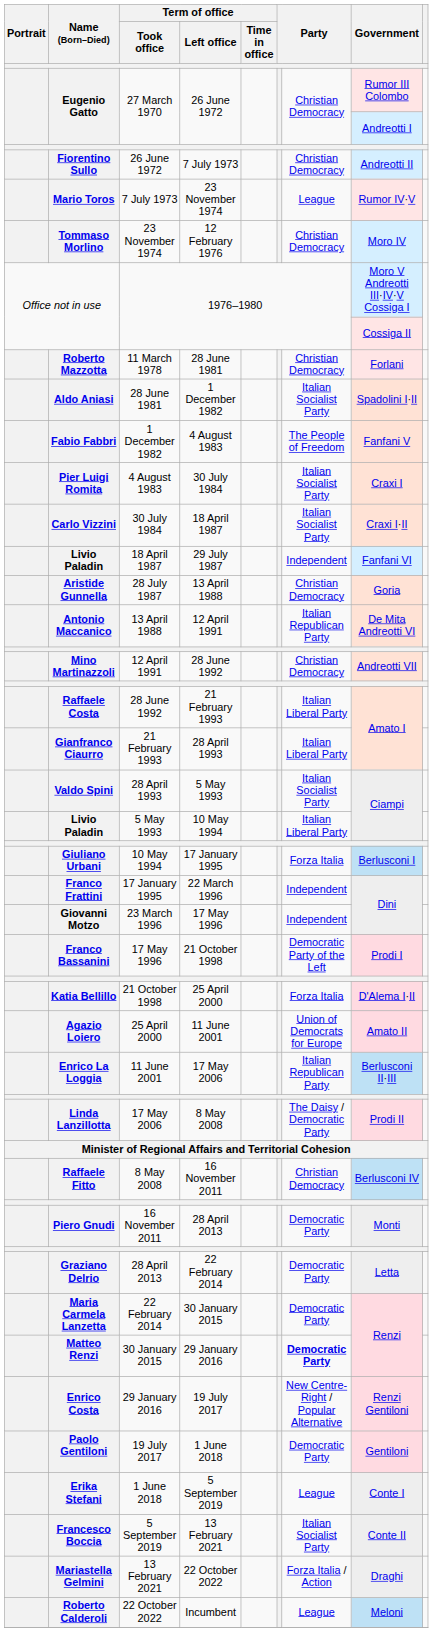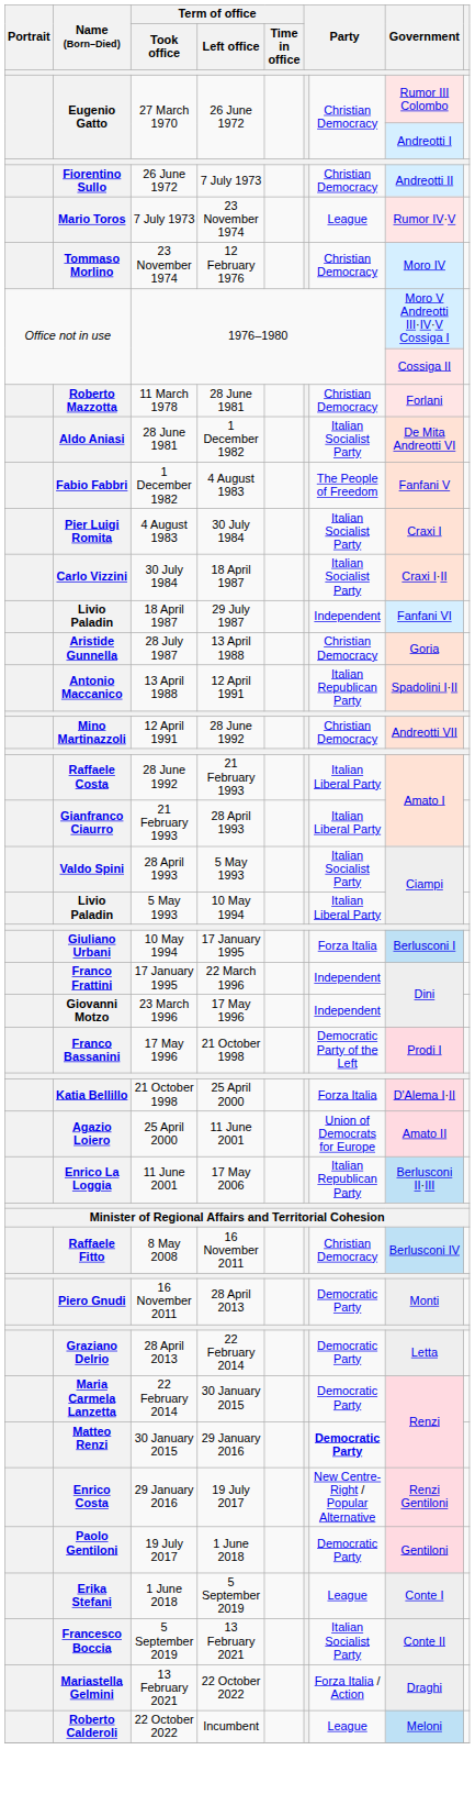 <table class="wikitable" style="text-align:center; style="width=100%">
 <tr>
 <th width=1% rowspan=2>Portrait</th>
 <th width=15% rowspan=2>Name<br><small>(Born–Died)</small></th>
 <th width=30% colspan=3>Term of office</th>
 <th width=15% rowspan=2 colspan=2>Party</th>
 <th width=10% rowspan=2>Government</th>
 <th width=1% rowspan=2></th>
 </tr>
 <tr style="text-align:center;">
 <th width=11%>Took office</th>
 <th width=11%>Left office</th>
 <th width=8%>Time in office</th>
 </tr>
 <tr>
 <th colspan=9></th>
 </tr>
 <tr style="height:4em;">
 <th rowspan=2></th>
 <th scope="row" style="font-weight:normal" rowspan=2><strong>Eugenio Gatto</strong><br></th>
 <td rowspan=2>27 March 1970</td>
 <td rowspan=2>26 June 1972</td>
 <td rowspan=2></td>
 <th rowspan=2 style="background:"></th>
 <td rowspan=2><a href='#'>Christian Democracy</a></td>
 <td bgcolor=#FFE5E5><a href='#'>Rumor III</a><br><a href='#'>Colombo</a></td>
 <td rowspan=2></td>
 </tr>
 <tr style="height:3em;">
 <td bgcolor=#D5EFFF><a href='#'>Andreotti I</a></td>
 </tr>
 <tr>
 <th colspan=9></th>
 </tr>
 <tr>
 <th></th>
 <th scope="row" style="font-weight:normal"><strong><a href='#'>Fiorentino Sullo</a></strong><br></th>
 <td>26 June 1972</td>
 <td>7 July 1973</td>
 <td></td>
 <th style="background:"></th>
 <td><a href='#'>Christian Democracy</a></td>
 <td bgcolor=#D5EFFF><a href='#'>Andreotti II</a></td>
 <td></td>
 </tr>
 <tr>
 <th></th>
 <th scope="row" style="font-weight:normal"><strong><a href='#'>Mario Toros</a></strong><br></th>
 <td>7 July 1973</td>
 <td>23 November 1974</td>
 <td></td>
 <th style="background:"></th>
 <td><a href='#'>League</a></td>
 <td bgcolor=#FFE5E5><a href='#'>Rumor IV</a>·<a href='#'>V</a></td>
 <td></td>
 </tr>
 <tr>
 <th></th>
 <th scope="row" style="font-weight:normal"><strong><a href='#'>Tommaso Morlino</a></strong><br></th>
 <td>23 November 1974</td>
 <td>12 February 1976</td>
 <td></td>
 <th style="background:"></th>
 <td><a href='#'>Christian Democracy</a></td>
 <td bgcolor=#D5EFFF><a href='#'>Moro IV</a></td>
 <td></td>
 </tr>
 <tr style="height:5em;">
 <td rowspan=2 colspan=2><em>Office not in use</em></td>
 <td rowspan=2 colspan=5 align="center">1976–1980</td>
 <td bgcolor=#D5EFFF><a href='#'>Moro V</a><br><a href='#'>Andreotti III</a>·<a href='#'>IV</a>·<a href='#'>V</a><br><a href='#'>Cossiga I</a></td>
 <td rowspan=2></td>
 </tr>
 <tr style="height:3em;">
 <td bgcolor=#FFE5E5><a href='#'>Cossiga II</a></td>
 </tr>
 <tr>
 <th></th>
 <th scope="row" style="font-weight:normal"><strong><a href='#'>Roberto Mazzotta</a></strong><br></th>
 <td>11 March 1978</td>
 <td>28 June 1981</td>
 <td></td>
 <th style="background:"></th>
 <td><a href='#'>Christian Democracy</a></td>
 <td bgcolor=#FFE5E5><a href='#'>Forlani</a></td>
 <td></td>
 </tr>
 <tr>
 <th></th>
 <th scope="row" style="font-weight:normal"><strong><a href='#'>Aldo Aniasi</a></strong><br></th>
 <td>28 June 1981</td>
 <td>1 December 1982</td>
 <td></td>
 <th style="background:"></th>
 <td><a href='#'>Italian Socialist Party</a></td>
-<td bgcolor=#FFE2D5><a href='#'>Spadolini I</a>·<a href='#'>II</a></td>
+<td bgcolor=#FFE2D5><a href='#'>De Mita</a><br><a href='#'>Andreotti VI</a></td>
 <td></td>
 </tr>
 <tr>
 <th></th>
 <th scope="row" style="font-weight:normal"><strong><a href='#'>Fabio Fabbri</a></strong><br></th>
 <td>1 December 1982</td>
 <td>4 August 1983</td>
 <td></td>
 <th style="background:"></th>
 <td><a href='#'>The People of Freedom</a></td>
 <td bgcolor=#FFE2D5><a href='#'>Fanfani V</a></td>
 <td></td>
 </tr>
 <tr>
 <th></th>
 <th scope="row" style="font-weight:normal"><strong><a href='#'>Pier Luigi Romita</a></strong><br></th>
 <td>4 August 1983</td>
 <td>30 July 1984</td>
 <td></td>
 <th style="background:"></th>
 <td><a href='#'>Italian Socialist Party</a></td>
 <td bgcolor=#FFE2D5><a href='#'>Craxi I</a></td>
 <td></td>
 </tr>
 <tr>
 <th></th>
 <th scope="row" style="font-weight:normal"><strong><a href='#'>Carlo Vizzini</a></strong><br></th>
 <td>30 July 1984</td>
 <td>18 April 1987</td>
 <td></td>
 <th style="background:"></th>
 <td><a href='#'>Italian Socialist Party</a></td>
 <td bgcolor=#FFE2D5><a href='#'>Craxi I</a>·<a href='#'>II</a></td>
 <td></td>
 </tr>
 <tr>
 <th></th>
 <th scope="row" style="font-weight:normal"><strong>Livio Paladin</strong><br></th>
 <td>18 April 1987</td>
 <td>29 July 1987</td>
 <td></td>
 <th style="background:"></th>
 <td><a href='#'>Independent</a></td>
 <td bgcolor=#D5EFFF><a href='#'>Fanfani VI</a></td>
 <td></td>
 </tr>
 <tr>
 <th></th>
 <th scope="row" style="font-weight:normal"><strong><a href='#'>Aristide Gunnella</a></strong><br></th>
 <td>28 July 1987</td>
 <td>13 April 1988</td>
 <td></td>
 <th style="background:"></th>
 <td><a href='#'>Christian Democracy</a></td>
 <td bgcolor=#FFE2D5><a href='#'>Goria</a></td>
 <td></td>
 </tr>
 <tr>
 <th></th>
 <th scope="row" style="font-weight:normal"><strong><a href='#'>Antonio Maccanico</a></strong><br></th>
 <td>13 April 1988</td>
 <td>12 April 1991</td>
 <td></td>
 <th style="background:"></th>
 <td><a href='#'>Italian Republican Party</a></td>
-<td bgcolor=#FFE2D5><a href='#'>De Mita</a><br><a href='#'>Andreotti VI</a></td>
+<td bgcolor=#FFE2D5><a href='#'>Spadolini I</a>·<a href='#'>II</a></td>
 <td></td>
 </tr>
 <tr>
 <th colspan=9></th>
 </tr>
 <tr>
 <th></th>
 <th scope="row" style="font-weight:normal"><strong><a href='#'>Mino Martinazzoli</a></strong><br></th>
 <td>12 April 1991</td>
 <td>28 June 1992</td>
 <td></td>
 <th style="background:"></th>
 <td><a href='#'>Christian Democracy</a></td>
 <td bgcolor=#FFE2D5><a href='#'>Andreotti VII</a></td>
 <td></td>
 </tr>
 <tr>
 <th colspan=9></th>
 </tr>
 <tr>
 <th></th>
 <th scope="row" style="font-weight:normal"><strong><a href='#'>Raffaele Costa</a></strong><br></th>
 <td>28 June 1992</td>
 <td>21 February 1993</td>
 <td></td>
 <th style="background:"></th>
 <td><a href='#'>Italian Liberal Party</a></td>
 <td rowspan=2 bgcolor=#FFE2D5><a href='#'>Amato I</a></td>
 <td></td>
 </tr>
 <tr>
 <th></th>
 <th scope="row" style="font-weight:normal"><strong><a href='#'>Gianfranco Ciaurro</a></strong><br></th>
 <td>21 February 1993</td>
 <td>28 April 1993</td>
 <td></td>
 <th style="background:"></th>
 <td><a href='#'>Italian Liberal Party</a></td>
 <td></td>
 </tr>
 <tr>
 <th></th>
 <th scope="row" style="font-weight:normal"><strong><a href='#'>Valdo Spini</a></strong><br></th>
 <td>28 April 1993</td>
 <td>5 May 1993</td>
 <td></td>
 <th style="background:"></th>
 <td><a href='#'>Italian Socialist Party</a></td>
 <td rowspan=2 bgcolor=#EEEEEE><a href='#'>Ciampi</a></td>
 <td></td>
 </tr>
 <tr>
 <th></th>
 <th scope="row" style="font-weight:normal"><strong>Livio Paladin</strong><br></th>
 <td>5 May 1993</td>
 <td>10 May 1994</td>
 <td></td>
 <th style="background:"></th>
 <td><a href='#'>Italian Liberal Party</a></td>
 <td></td>
 </tr>
 <tr>
 <th colspan=9></th>
 </tr>
 <tr>
 <th></th>
 <th scope="row" style="font-weight:normal"><strong><a href='#'>Giuliano Urbani</a></strong><br></th>
 <td>10 May 1994</td>
 <td>17 January 1995</td>
 <td></td>
 <th style="background:"></th>
 <td><a href='#'>Forza Italia</a></td>
 <td bgcolor=#BEE1F5><a href='#'>Berlusconi I</a></td>
 <td></td>
 </tr>
 <tr>
 <th></th>
 <th scope="row" style="font-weight:normal"><strong><a href='#'>Franco Frattini</a></strong><br></th>
 <td>17 January 1995</td>
 <td>22 March 1996</td>
 <td></td>
 <th style="background:"></th>
 <td><a href='#'>Independent</a></td>
 <td rowspan=2 bgcolor=#EEEEEE><a href='#'>Dini</a></td>
 <td></td>
 </tr>
 <tr>
 <th></th>
 <th scope="row" style="font-weight:normal"><strong>Giovanni Motzo</strong><br></th>
 <td>23 March 1996</td>
 <td>17 May 1996</td>
 <td></td>
 <th style="background:"></th>
 <td><a href='#'>Independent</a></td>
 <td></td>
 </tr>
 <tr>
 <th></th>
 <th scope="row" style="font-weight:normal"><strong><a href='#'>Franco Bassanini</a></strong><br></th>
 <td>17 May 1996</td>
 <td>21 October 1998</td>
 <td></td>
 <th style="background:"></th>
 <td><a href='#'>Democratic Party of the Left</a></td>
 <td bgcolor=#FFDAE1><a href='#'>Prodi I</a></td>
 <td></td>
 </tr>
 <tr>
 <th colspan=9></th>
 </tr>
 <tr>
 <th></th>
 <th scope="row" style="font-weight:normal"><strong><a href='#'>Katia Bellillo</a></strong><br></th>
 <td>21 October 1998</td>
 <td>25 April 2000</td>
 <td></td>
 <th style="background:"></th>
 <td><a href='#'>Forza Italia</a></td>
 <td bgcolor=#FFDAE1><a href='#'>D'Alema I</a>·<a href='#'>II</a></td>
 <td></td>
 </tr>
 <tr>
 <th></th>
 <th scope="row" style="font-weight:normal"><strong><a href='#'>Agazio Loiero</a></strong><br></th>
 <td>25 April 2000</td>
 <td>11 June 2001</td>
 <td></td>
 <th style="background:"></th>
 <td><a href='#'>Union of Democrats for Europe</a></td>
 <td bgcolor=#FFDAE1><a href='#'>Amato II</a></td>
 <td></td>
 </tr>
 <tr>
 <th></th>
 <th scope="row" style="font-weight:normal"><strong><a href='#'>Enrico La Loggia</a></strong><br></th>
 <td>11 June 2001</td>
 <td>17 May 2006</td>
 <td></td>
 <th style="background:"></th>
 <td><a href='#'>Italian Republican Party</a></td>
 <td bgcolor=#BEE1F5><a href='#'>Berlusconi II</a>·<a href='#'>III</a></td>
 <td></td>
 </tr>
 <tr>
 <th colspan=9></th>
 </tr>
 <tr>
-<th></th>
-<th scope="row" style="font-weight:normal"><strong><a href='#'>Linda Lanzillotta</a></strong><br></th>
-<td>17 May 2006</td>
-<td>8 May 2008</td>
-<td></td>
-<th style="background:"></th>
-<td><a href='#'>The Daisy</a> /<br><a href='#'>Democratic Party</a></td>
-<td bgcolor=#FFDAE1><a href='#'>Prodi II</a></td>
-<td></td>
-</tr>
-<tr>
 <th colspan=9>Minister of Regional Affairs and Territorial Cohesion</th>
 </tr>
 <tr>
 <th></th>
 <th scope="row" style="font-weight:normal"><strong><a href='#'>Raffaele Fitto</a></strong><br></th>
 <td>8 May 2008</td>
 <td>16 November 2011</td>
 <td></td>
 <th style="background:"></th>
 <td><a href='#'>Christian Democracy</a></td>
 <td bgcolor=#BEE1F5><a href='#'>Berlusconi IV</a></td>
 <td></td>
 </tr>
 <tr>
 <th colspan=9></th>
 </tr>
 <tr>
 <th></th>
 <th scope="row" style="font-weight:normal"><strong><a href='#'>Piero Gnudi</a></strong><br></th>
 <td>16 November 2011</td>
 <td>28 April 2013</td>
 <td></td>
 <th style="background:"></th>
 <td><a href='#'>Democratic Party</a></td>
 <td bgcolor=#EEEEEE><a href='#'>Monti</a></td>
 <td></td>
 </tr>
 <tr>
 <th colspan=9></th>
 </tr>
 <tr>
 <th></th>
 <th scope="row" style="font-weight:normal"><strong><a href='#'>Graziano Delrio</a></strong><br></th>
 <td>28 April 2013</td>
 <td>22 February 2014</td>
 <td></td>
 <th style="background:"></th>
 <td><a href='#'>Democratic Party</a></td>
 <td bgcolor=#EEEEEE><a href='#'>Letta</a></td>
 <td></td>
 </tr>
 <tr>
 <th></th>
 <th scope="row" style="font-weight:normal"><strong><a href='#'>Maria Carmela Lanzetta</a></strong><br></th>
 <td>22 February 2014</td>
 <td>30 January 2015</td>
 <td></td>
 <th style="background:"></th>
 <td><a href='#'>Democratic Party</a></td>
 <td rowspan=2 bgcolor=#FFDAE1><a href='#'>Renzi</a></td>
 <td></td>
 </tr>
 <tr>
 <th></th>
 <th scope="row" style="font-weight:normal"><strong><a href='#'>Matteo Renzi</a></strong><br><br><em></em></th>
 <td>30 January 2015</td>
 <td>29 January 2016</td>
 <td></td>
 <th style="background:"></th>
 <td><strong><a href='#'>Democratic Party</a></strong></td>
 <td></td>
 </tr>
 <tr>
 <th></th>
 <th scope="row" style="font-weight:normal"><strong><a href='#'>Enrico Costa</a></strong><br></th>
 <td>29 January 2016</td>
 <td>19 July 2017</td>
 <td></td>
 <th style="background:"></th>
 <td><a href='#'>New Centre-Right</a> /<br><a href='#'>Popular Alternative</a></td>
 <td bgcolor=#FFDAE1><a href='#'>Renzi</a><br><a href='#'>Gentiloni</a></td>
 <td></td>
 </tr>
 <tr>
 <th></th>
 <th scope="row" style="font-weight:normal"><strong><a href='#'>Paolo Gentiloni</a></strong><br><br><em></em></th>
 <td>19 July 2017</td>
 <td>1 June 2018</td>
 <td></td>
 <th style="background:"></th>
 <td><a href='#'>Democratic Party</a></td>
 <td bgcolor=#FFDAE1><a href='#'>Gentiloni</a></td>
 <td></td>
 </tr>
 <tr>
 <th></th>
 <th scope="row" style="font-weight:normal"><strong><a href='#'>Erika Stefani</a></strong><br></th>
 <td>1 June 2018</td>
 <td>5 September 2019</td>
 <td></td>
 <th style="background:"></th>
 <td><a href='#'>League</a></td>
 <td bgcolor=#EEEEEE><a href='#'>Conte I</a></td>
 <td></td>
 </tr>
 <tr>
 <th></th>
 <th scope="row" style="font-weight:normal"><strong><a href='#'>Francesco Boccia</a></strong><br></th>
 <td>5 September 2019</td>
 <td>13 February 2021</td>
 <td></td>
 <th style="background:"></th>
 <td><a href='#'>Italian Socialist Party</a></td>
 <td bgcolor=#EEEEEE><a href='#'>Conte II</a></td>
 <td></td>
 </tr>
 <tr>
 <th></th>
 <th scope="row" style="font-weight:normal"><strong><a href='#'>Mariastella Gelmini</a></strong><br></th>
 <td>13 February 2021</td>
 <td>22 October 2022</td>
 <td></td>
 <th style="background:"></th>
 <td><a href='#'>Forza Italia</a> /<br><a href='#'>Action</a></td>
 <td bgcolor=#EEEEEE><a href='#'>Draghi</a></td>
 <td></td>
 </tr>
 <tr>
 <th></th>
 <th scope="row" style="font-weight:normal"><strong><a href='#'>Roberto Calderoli</a></strong><br></th>
 <td>22 October 2022</td>
 <td>Incumbent</td>
 <td></td>
 <th style="background:"></th>
 <td><a href='#'>League</a></td>
 <td bgcolor=#BEE1F5><a href='#'>Meloni</a></td>
 <td></td>
 </tr>
 <tr>
 </tr>
 </table>
